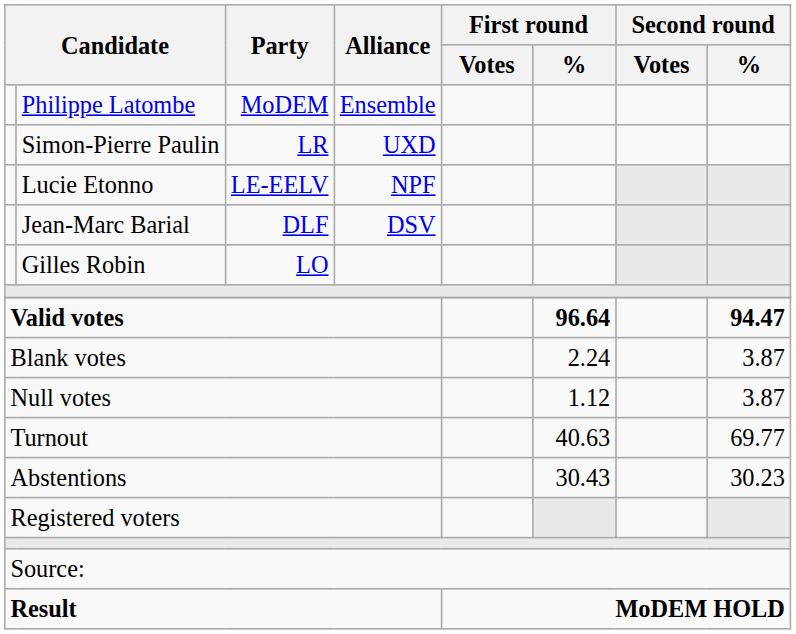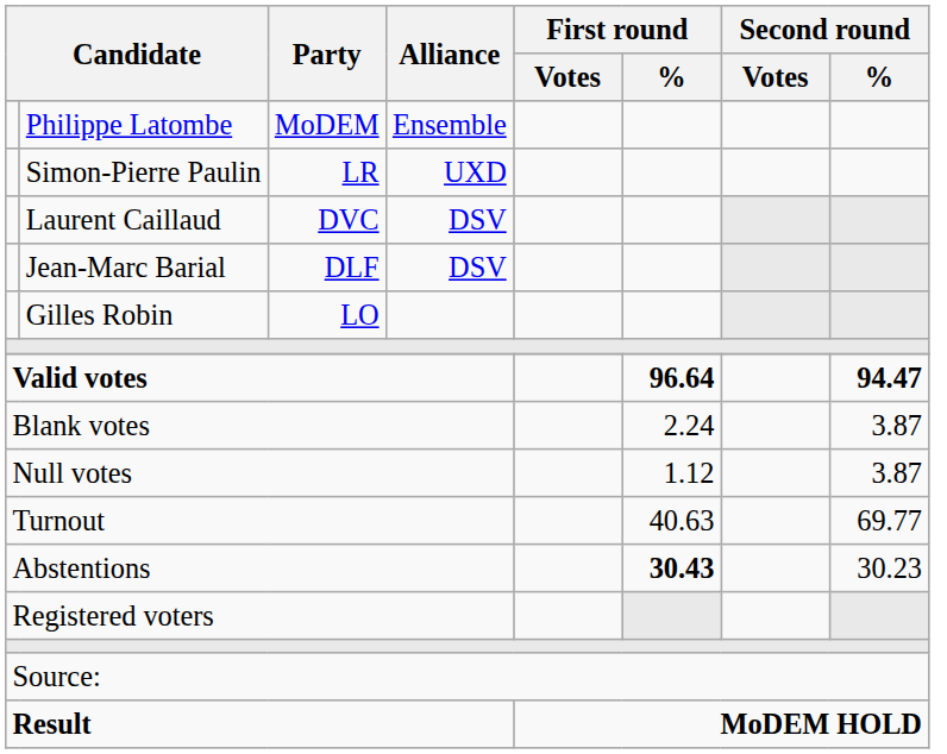 <table class="wikitable" style="text-align:right;font-size:95%;">
 <tr>
 <th colspan="2" rowspan="2">Candidate</th>
 <th colspan="1" rowspan="2">Party</th>
 <th colspan="1" rowspan="2">Alliance</th>
 <th colspan="2">First round</th>
 <th colspan="2">Second round</th>
 </tr>
 <tr>
 <th style="width:50px;">Votes</th>
 <th style="width:45px;">%</th>
 <th style="width:50px;">Votes</th>
 <th style="width:45px;">%</th>
 </tr>
 <tr>
 <td style="color:inherit;background:"></td>
 <td style="text-align:left;"><a href='#'>Philippe Latombe</a></td>
 <td><a href='#'>MoDEM</a></td>
 <td><a href='#'>Ensemble</a></td>
 <td></td>
 <td></td>
 <td><strong></strong></td>
 <td><strong></strong></td>
 </tr>
 <tr>
 <td style="color:inherit;background:"></td>
 <td style="text-align:left;">Simon-Pierre Paulin</td>
 <td><a href='#'>LR</a></td>
 <td><a href='#'>UXD</a></td>
 <td></td>
 <td></td>
 <td></td>
 <td></td>
 </tr>
 <tr>
 <td style="color:inherit;background:"></td>
-<td style="text-align:left;">Lucie Etonno</td>
-<td><a href='#'>LE-EELV</a></td>
-<td><a href='#'>NPF</a></td>
+<td style="text-align:left;">Laurent Caillaud</td>
+<td><a href='#'>DVC</a></td>
+<td><a href='#'>DSV</a></td>
 <td></td>
 <td></td>
 <td style="background:#E9E9E9;"></td>
 <td style="background:#E9E9E9;"></td>
 </tr>
 <tr>
 <td style="color:inherit;background:"></td>
 <td style="text-align:left;">Jean-Marc Barial</td>
 <td><a href='#'>DLF</a></td>
 <td><a href='#'>DSV</a></td>
 <td></td>
 <td></td>
 <td style="background:#E9E9E9;"></td>
 <td style="background:#E9E9E9;"></td>
 </tr>
 <tr>
 <td style="color:inherit;background:"></td>
 <td style="text-align:left;">Gilles Robin</td>
 <td><a href='#'>LO</a></td>
 <td></td>
 <td></td>
 <td></td>
 <td style="background:#E9E9E9;"></td>
 <td style="background:#E9E9E9;"></td>
 </tr>
 <tr>
 <td colspan="8" style="background:#E9E9E9;"></td>
 </tr>
 <tr>
 </tr>
 <tr style="font-weight:bold;">
 <td colspan="4" style="text-align:left;">Valid votes</td>
 <td></td>
 <td>96.64</td>
 <td></td>
 <td>94.47</td>
 </tr>
 <tr>
 <td colspan="4" style="text-align:left;">Blank votes</td>
 <td></td>
 <td>2.24</td>
 <td></td>
 <td>3.87</td>
 </tr>
 <tr>
 <td colspan="4" style="text-align:left;">Null votes</td>
 <td></td>
 <td>1.12</td>
 <td></td>
 <td>3.87</td>
 </tr>
 <tr>
 <td colspan="4" style="text-align:left;">Turnout</td>
 <td></td>
 <td>40.63</td>
 <td></td>
 <td>69.77</td>
 </tr>
 <tr>
 <td colspan="4" style="text-align:left;">Abstentions</td>
 <td></td>
-<td>30.43</td>
+<td><strong>30.43</strong></td>
 <td></td>
 <td>30.23</td>
 </tr>
 <tr>
 <td colspan="4" style="text-align:left;">Registered voters</td>
 <td></td>
 <td style="background:#E9E9E9;"></td>
 <td></td>
 <td style="background:#E9E9E9;"></td>
 </tr>
 <tr>
 <td colspan="8" style="background:#E9E9E9;"></td>
 </tr>
 <tr>
 <td colspan="8" style="text-align:left;">Source: </td>
 </tr>
 <tr style="font-weight:bold">
 <td colspan="4" style="text-align:left;">Result</td>
 <td colspan="4" style="background-color:">MoDEM HOLD</td>
 </tr>
 </table>
